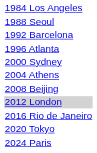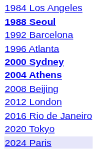 <table>
 <tr>
 <td><a href='#'>1984 Los Angeles</a><br></td>
 <td></td>
 <td></td>
 <td></td>
 </tr>
 <tr>
-<td><a href='#'>1988 Seoul</a><br></td>
+<td><strong><a href='#'>1988 Seoul</a><br></strong></td>
 <td></td>
 <td></td>
 <td></td>
 </tr>
 <tr valign="top">
 <td><a href='#'>1992 Barcelona</a><br></td>
 <td></td>
 <td></td>
 <td></td>
 </tr>
 <tr>
 <td><a href='#'>1996 Atlanta</a><br></td>
 <td></td>
 <td></td>
 <td></td>
 </tr>
 <tr>
-<td><a href='#'>2000 Sydney</a><br></td>
+<td><strong><a href='#'>2000 Sydney</a><br></strong></td>
 <td></td>
 <td></td>
 <td></td>
 </tr>
 <tr>
-<td><a href='#'>2004 Athens</a><br></td>
+<td><strong><a href='#'>2004 Athens</a><br></strong></td>
 <td></td>
 <td></td>
 <td></td>
 </tr>
 <tr>
 <td><a href='#'>2008 Beijing</a><br></td>
 <td></td>
 <td></td>
 <td></td>
 </tr>
 <tr>
-<td style="background: lightgrey;"><a href='#'>2012 London</a><br></td>
+<td><a href='#'>2012 London</a><br></td>
 <td></td>
 <td></td>
 <td></td>
 </tr>
 <tr>
 <td><a href='#'>2016 Rio de Janeiro</a><br></td>
 <td></td>
 <td></td>
 <td></td>
 </tr>
 <tr>
 <td><a href='#'>2020 Tokyo</a><br></td>
 <td></td>
 <td></td>
 <td></td>
 </tr>
 <tr>
-<td><a href='#'>2024 Paris</a><br></td>
+<td style="background: lavender;"><a href='#'>2024 Paris</a><br></td>
 <td></td>
 <td></td>
 <td></td>
 </tr>
 <tr>
 </tr>
 </table>
